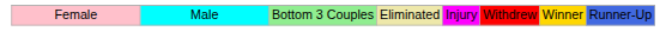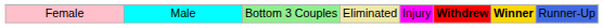 <table class="wikitable" style="margin:1em auto; text-align:center;">
 <tr>
 </tr>
 <tr>
 <td style="background:pink;" width="20%">Female</td>
 <td style="background:cyan;" width="20%">Male</td>
 <td style="background:lightgreen;">Bottom 3 Couples</td>
 <td style="background:palegoldenrod;">Eliminated</td>
 <td style="background:fuchsia;" align="center">Injury</td>
-<td style="background:red;">Withdrew</td>
-<td style="background:gold;">Winner</td>
+<td style="background:red;"><strong>Withdrew</strong></td>
+<td style="background:gold;"><strong>Winner</strong></td>
 <td style="background:royalblue;">Runner-Up</td>
 </tr>
 </table>
